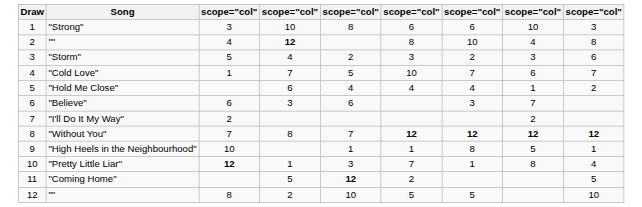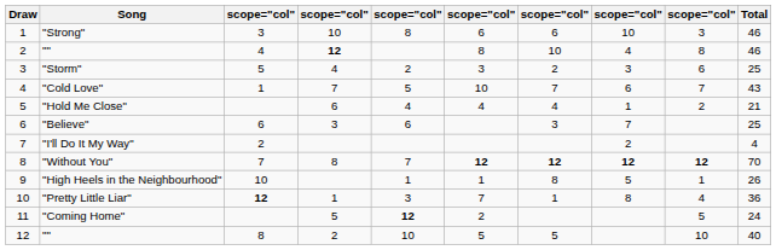 <table class="wikitable collapsible" style="margin: 1em auto 1em auto; text-align:center;">
 <tr>
 <th>Draw</th>
 <th>Song</th>
 <th>scope="col" </th>
 <th>scope="col" </th>
 <th>scope="col" </th>
 <th>scope="col" </th>
 <th>scope="col" </th>
 <th>scope="col" </th>
 <th>scope="col" </th>
+<th>Total</th>
 </tr>
 <tr>
 <td>1</td>
 <td align="left">"Strong"</td>
 <td>3</td>
 <td>10</td>
 <td>8</td>
 <td>6</td>
 <td>6</td>
 <td>10</td>
 <td>3</td>
+<td>46</td>
 </tr>
 <tr>
 <td>2</td>
 <td align="left">""</td>
 <td>4</td>
 <td><strong>12</strong></td>
 <td></td>
 <td>8</td>
 <td>10</td>
 <td>4</td>
 <td>8</td>
+<td>46</td>
 </tr>
 <tr>
 <td>3</td>
 <td align="left">"Storm"</td>
 <td>5</td>
 <td>4</td>
 <td>2</td>
 <td>3</td>
 <td>2</td>
 <td>3</td>
 <td>6</td>
+<td>25</td>
 </tr>
 <tr>
 <td>4</td>
 <td align="left">"Cold Love"</td>
 <td>1</td>
 <td>7</td>
 <td>5</td>
 <td>10</td>
 <td>7</td>
 <td>6</td>
 <td>7</td>
+<td>43</td>
 </tr>
 <tr>
 <td>5</td>
 <td align="left">"Hold Me Close"</td>
 <td></td>
 <td>6</td>
 <td>4</td>
 <td>4</td>
 <td>4</td>
 <td>1</td>
 <td>2</td>
+<td>21</td>
 </tr>
 <tr>
 <td>6</td>
 <td align="left">"Believe"</td>
 <td>6</td>
 <td>3</td>
 <td>6</td>
 <td></td>
 <td>3</td>
 <td>7</td>
 <td></td>
+<td>25</td>
 </tr>
 <tr>
 <td>7</td>
 <td align="left">"I'll Do It My Way"</td>
 <td>2</td>
 <td></td>
 <td></td>
 <td></td>
 <td></td>
 <td>2</td>
 <td></td>
+<td>4</td>
 </tr>
 <tr>
 <td>8</td>
 <td align="left">"Without You"</td>
 <td>7</td>
 <td>8</td>
 <td>7</td>
 <td><strong>12</strong></td>
 <td><strong>12</strong></td>
 <td><strong>12</strong></td>
 <td><strong>12</strong></td>
+<td>70</td>
 </tr>
 <tr>
 <td>9</td>
 <td align="left">"High Heels in the Neighbourhood"</td>
 <td>10</td>
 <td></td>
 <td>1</td>
 <td>1</td>
 <td>8</td>
 <td>5</td>
 <td>1</td>
+<td>26</td>
 </tr>
 <tr>
 <td>10</td>
 <td align="left">"Pretty Little Liar"</td>
 <td><strong>12</strong></td>
 <td>1</td>
 <td>3</td>
 <td>7</td>
 <td>1</td>
 <td>8</td>
 <td>4</td>
+<td>36</td>
 </tr>
 <tr>
 <td>11</td>
 <td align="left">"Coming Home"</td>
 <td></td>
 <td>5</td>
 <td><strong>12</strong></td>
 <td>2</td>
 <td></td>
 <td></td>
 <td>5</td>
+<td>24</td>
 </tr>
 <tr>
 <td>12</td>
 <td align="left">""</td>
 <td>8</td>
 <td>2</td>
 <td>10</td>
 <td>5</td>
 <td>5</td>
 <td></td>
 <td>10</td>
+<td>40</td>
 </tr>
 </table>
